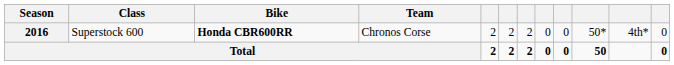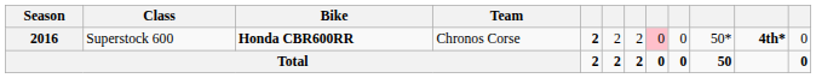 <table class="wikitable" style="font-size:98%; text-align:right; width:900px;">
 <tr>
 <th>Season</th>
 <th>Class</th>
 <th>Bike</th>
 <th>Team</th>
 <th></th>
 <th></th>
 <th></th>
 <th></th>
 <th></th>
 <th></th>
 <th></th>
 <th></th>
 </tr>
 <tr>
 <th>2016</th>
 <td align="left">Superstock 600</td>
 <td align="left"><strong>Honda CBR600RR</strong></td>
 <td align="left">Chronos Corse</td>
+<td><strong>2</strong></td>
 <td>2</td>
 <td>2</td>
-<td>2</td>
-<td>0</td>
+<td style="background: pink;">0</td>
 <td>0</td>
 <td>50*</td>
-<td>4th*</td>
+<td><strong>4th*</strong></td>
 <td>0</td>
 </tr>
 <tr>
 <th colspan=4>Total</th>
 <td><strong>2</strong></td>
 <td><strong>2</strong></td>
 <td><strong>2</strong></td>
 <td><strong>0</strong></td>
 <td><strong>0</strong></td>
 <td><strong>50</strong></td>
 <td></td>
 <td><strong>0</strong></td>
 </tr>
 </table>
